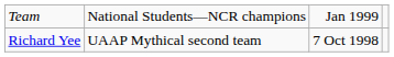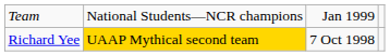 <table class=wikitable>
 <tr>
 <td><em>Team</em></td>
 <td>National Students—NCR champions</td>
 <td align=right>Jan 1999</td>
 <td align=center></td>
 </tr>
 <tr>
 <td><a href='#'>Richard Yee</a></td>
-<td>UAAP Mythical second team</td>
+<td style="background: gold;">UAAP Mythical second team</td>
 <td align=right>7 Oct 1998</td>
 <td></td>
 </tr>
 </table>
